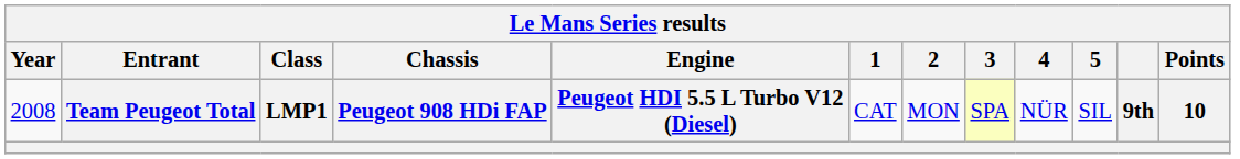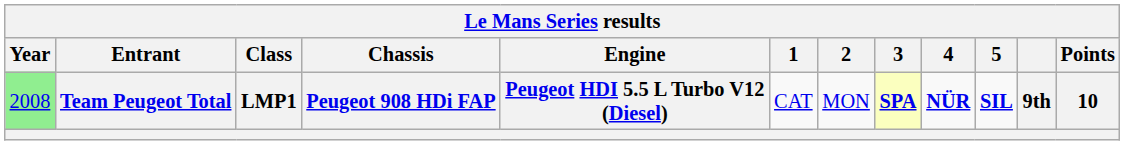 <table class="wikitable" style="text-align:center; font-size:85%">
 <tr>
 <th colspan=13><a href='#'>Le Mans Series</a> results</th>
 </tr>
 <tr>
 <th scope="col">Year</th>
 <th scope="col">Entrant</th>
 <th scope="col">Class</th>
 <th scope="col">Chassis</th>
 <th scope="col">Engine</th>
 <th scope="col">1</th>
 <th scope="col">2</th>
 <th scope="col">3</th>
 <th scope="col">4</th>
 <th scope="col">5</th>
 <th scope="col"></th>
 <th scope="col">Points</th>
 </tr>
 <tr>
-<td><a href='#'>2008</a></td>
+<td style="background: lightgreen;"><a href='#'>2008</a></td>
 <th nowrap><a href='#'>Team Peugeot Total</a></th>
 <th>LMP1</th>
 <th nowrap><a href='#'>Peugeot 908 HDi FAP</a></th>
 <th nowrap><a href='#'>Peugeot</a> <a href='#'>HDI</a> 5.5 L Turbo V12<br>(<a href='#'>Diesel</a>)</th>
 <td><a href='#'>CAT</a></td>
 <td><a href='#'>MON</a></td>
-<td style="background:#FBFFBF;"><a href='#'>SPA</a><br></td>
-<td><a href='#'>NÜR</a></td>
-<td><a href='#'>SIL</a></td>
+<td style="background:#FBFFBF;"><strong><a href='#'>SPA</a><br></strong></td>
+<td><strong><a href='#'>NÜR</a></strong></td>
+<td><strong><a href='#'>SIL</a></strong></td>
 <th>9th</th>
 <th>10</th>
 </tr>
 <tr>
 <th colspan="13"></th>
 </tr>
 </table>
